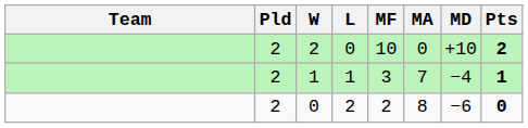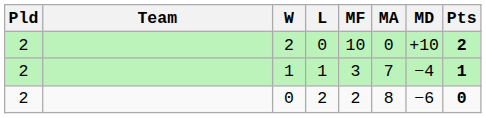 <table class="wikitable" style="text-align:center">
 <tr>
+<th width="20">Pld</th>
 <th width="175">Team</th>
-<th width="20">Pld</th>
 <th width="20">W</th>
 <th width="20">L</th>
 <th width="20">MF</th>
 <th width="20">MA</th>
 <th width="20">MD</th>
 <th width="20">Pts</th>
 </tr>
 <tr bgcolor="bbf3bb">
+<td>2</td>
 <td align="left"></td>
-<td>2</td>
 <td>2</td>
 <td>0</td>
 <td>10</td>
 <td>0</td>
 <td>+10</td>
 <td><strong>2</strong></td>
 </tr>
 <tr bgcolor="bbf3bb">
+<td>2</td>
 <td align="left"></td>
-<td>2</td>
 <td>1</td>
 <td>1</td>
 <td>3</td>
 <td>7</td>
 <td>−4</td>
 <td><strong>1</strong></td>
 </tr>
 <tr>
+<td>2</td>
 <td align="left"></td>
-<td>2</td>
 <td>0</td>
 <td>2</td>
 <td>2</td>
 <td>8</td>
 <td>−6</td>
 <td><strong>0</strong></td>
 </tr>
 </table>
